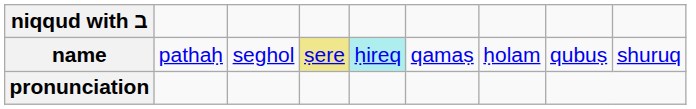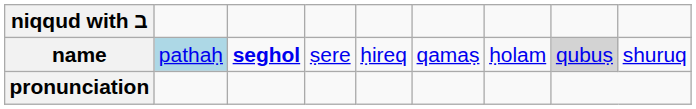 <table class="wikitable" style="text-align: center;">
 <tr>
 <th>niqqud with ב</th>
 <td style="font-size: 180%;"></td>
 <td style="font-size: 180%;"></td>
 <td style="font-size: 180%;"></td>
 <td style="font-size: 180%;"></td>
 <td style="font-size: 180%;"></td>
 <td style="font-size: 180%;"></td>
 <td style="font-size: 180%;"></td>
 <td style="font-size: 180%;"></td>
 </tr>
 <tr>
 <th>name</th>
-<td><a href='#'>pathaḥ</a></td>
-<td><a href='#'>seghol</a></td>
-<td style="background: khaki;"><a href='#'>ṣere</a></td>
-<td style="background: paleturquoise;"><a href='#'>ḥireq</a></td>
+<td style="background: lightblue;"><a href='#'>pathaḥ</a></td>
+<td><strong><a href='#'>seghol</a></strong></td>
+<td><a href='#'>ṣere</a></td>
+<td><a href='#'>ḥireq</a></td>
 <td><a href='#'>qamaṣ</a></td>
 <td><a href='#'>ḥolam</a></td>
-<td><a href='#'>qubuṣ</a></td>
+<td style="background: lightgrey;"><a href='#'>qubuṣ</a></td>
 <td><a href='#'>shuruq</a></td>
 </tr>
 <tr>
 <th>pronunciation</th>
 <td></td>
 <td></td>
 <td></td>
 <td></td>
 <td></td>
 <td></td>
 <td colspan="2"></td>
 </tr>
 </table>
